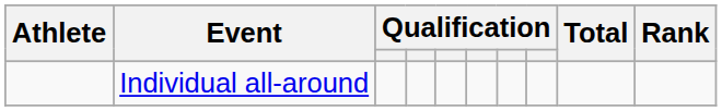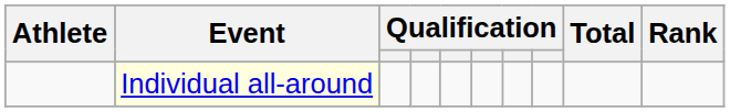 <table class="wikitable" style="font-size:90%">
 <tr>
 <th rowspan=2>Athlete</th>
 <th rowspan=2>Event</th>
 <th colspan=6>Qualification</th>
 <th rowspan=2>Total</th>
 <th rowspan=2>Rank</th>
 </tr>
 <tr style="font-size:95%">
 <th></th>
 <th></th>
 <th></th>
 <th></th>
 <th></th>
 <th></th>
 </tr>
 <tr align=center>
 <td align=left></td>
-<td align=left><a href='#'>Individual all-around</a></td>
+<td align=left style="background: lightyellow;"><a href='#'>Individual all-around</a></td>
 <td></td>
 <td></td>
 <td></td>
 <td></td>
 <td></td>
 <td></td>
 <td></td>
 <td></td>
 </tr>
 </table>
